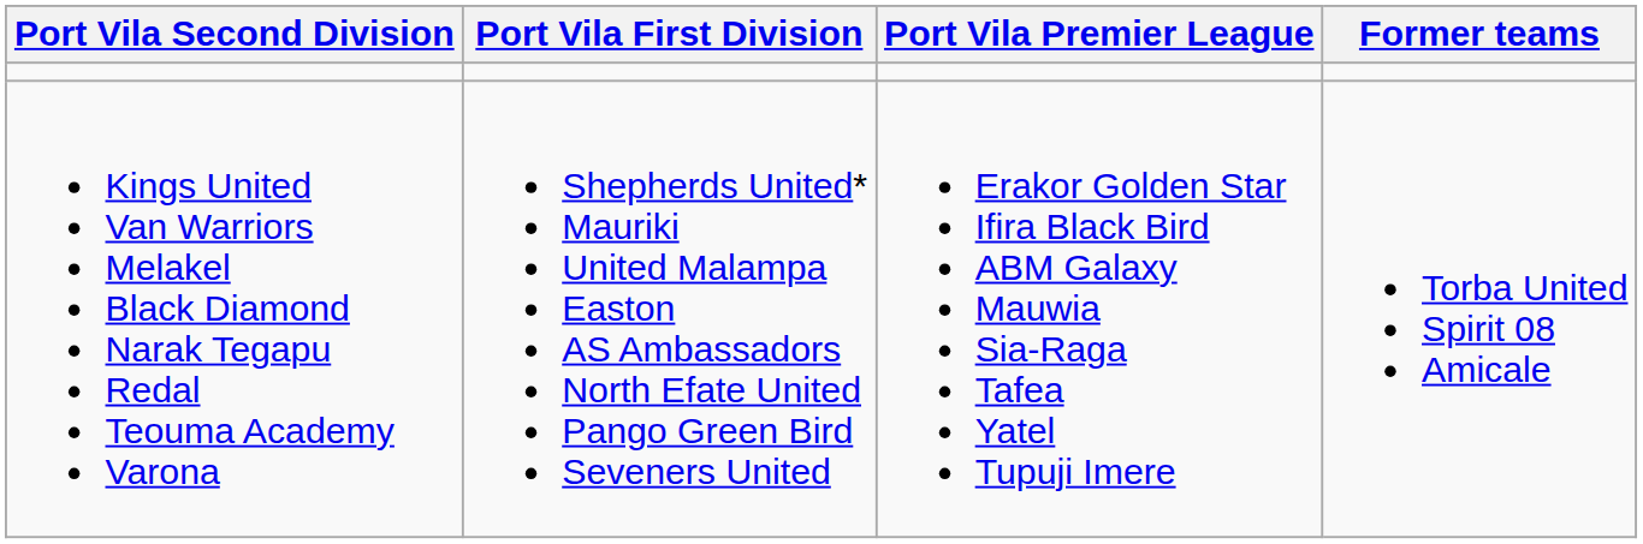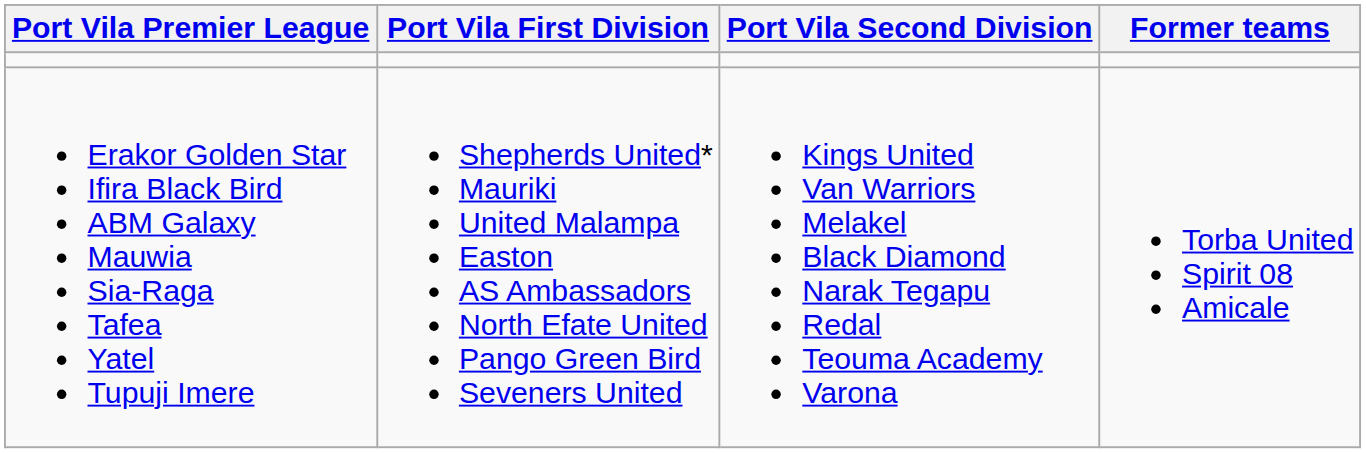 <table class="wikitable">
 <tr>
+<th><a href='#'>Port Vila Premier League</a></th>
+<th><a href='#'>Port Vila First Division</a></th>
 <th><a href='#'>Port Vila Second Division</a></th>
-<th><a href='#'>Port Vila First Division</a></th>
-<th><a href='#'>Port Vila Premier League</a></th>
 <th><a href='#'>Former teams</a></th>
 </tr>
 <tr>
 <td></td>
 <td></td>
 <td></td>
 <td></td>
 </tr>
 <tr>
+<td><br><ul><li><a href='#'>Erakor Golden Star</a></li><li><a href='#'>Ifira Black Bird</a></li><li><a href='#'>ABM Galaxy</a></li><li><a href='#'>Mauwia</a></li><li><a href='#'>Sia-Raga</a></li><li><a href='#'>Tafea</a></li><li><a href='#'>Yatel</a></li><li><a href='#'>Tupuji Imere</a></li></ul></td>
+<td><br><ul><li><a href='#'>Shepherds United</a>*</li><li><a href='#'>Mauriki</a></li><li><a href='#'>United Malampa</a></li><li><a href='#'>Easton</a></li><li><a href='#'>AS Ambassadors</a></li><li><a href='#'>North Efate United</a></li><li><a href='#'>Pango Green Bird</a></li><li><a href='#'>Seveners United</a></li></ul></td>
 <td><br><ul><li><a href='#'>Kings United</a></li><li><a href='#'>Van Warriors</a></li><li><a href='#'>Melakel</a></li><li><a href='#'>Black Diamond</a></li><li><a href='#'>Narak Tegapu</a></li><li><a href='#'>Redal</a></li><li><a href='#'>Teouma Academy</a></li><li><a href='#'>Varona</a></li></ul></td>
-<td><br><ul><li><a href='#'>Shepherds United</a>*</li><li><a href='#'>Mauriki</a></li><li><a href='#'>United Malampa</a></li><li><a href='#'>Easton</a></li><li><a href='#'>AS Ambassadors</a></li><li><a href='#'>North Efate United</a></li><li><a href='#'>Pango Green Bird</a></li><li><a href='#'>Seveners United</a></li></ul></td>
-<td><br><ul><li><a href='#'>Erakor Golden Star</a></li><li><a href='#'>Ifira Black Bird</a></li><li><a href='#'>ABM Galaxy</a></li><li><a href='#'>Mauwia</a></li><li><a href='#'>Sia-Raga</a></li><li><a href='#'>Tafea</a></li><li><a href='#'>Yatel</a></li><li><a href='#'>Tupuji Imere</a></li></ul></td>
 <td><br><ul><li><a href='#'>Torba United</a></li><li><a href='#'>Spirit 08</a></li><li><a href='#'>Amicale</a></li></ul></td>
 </tr>
 </table>
